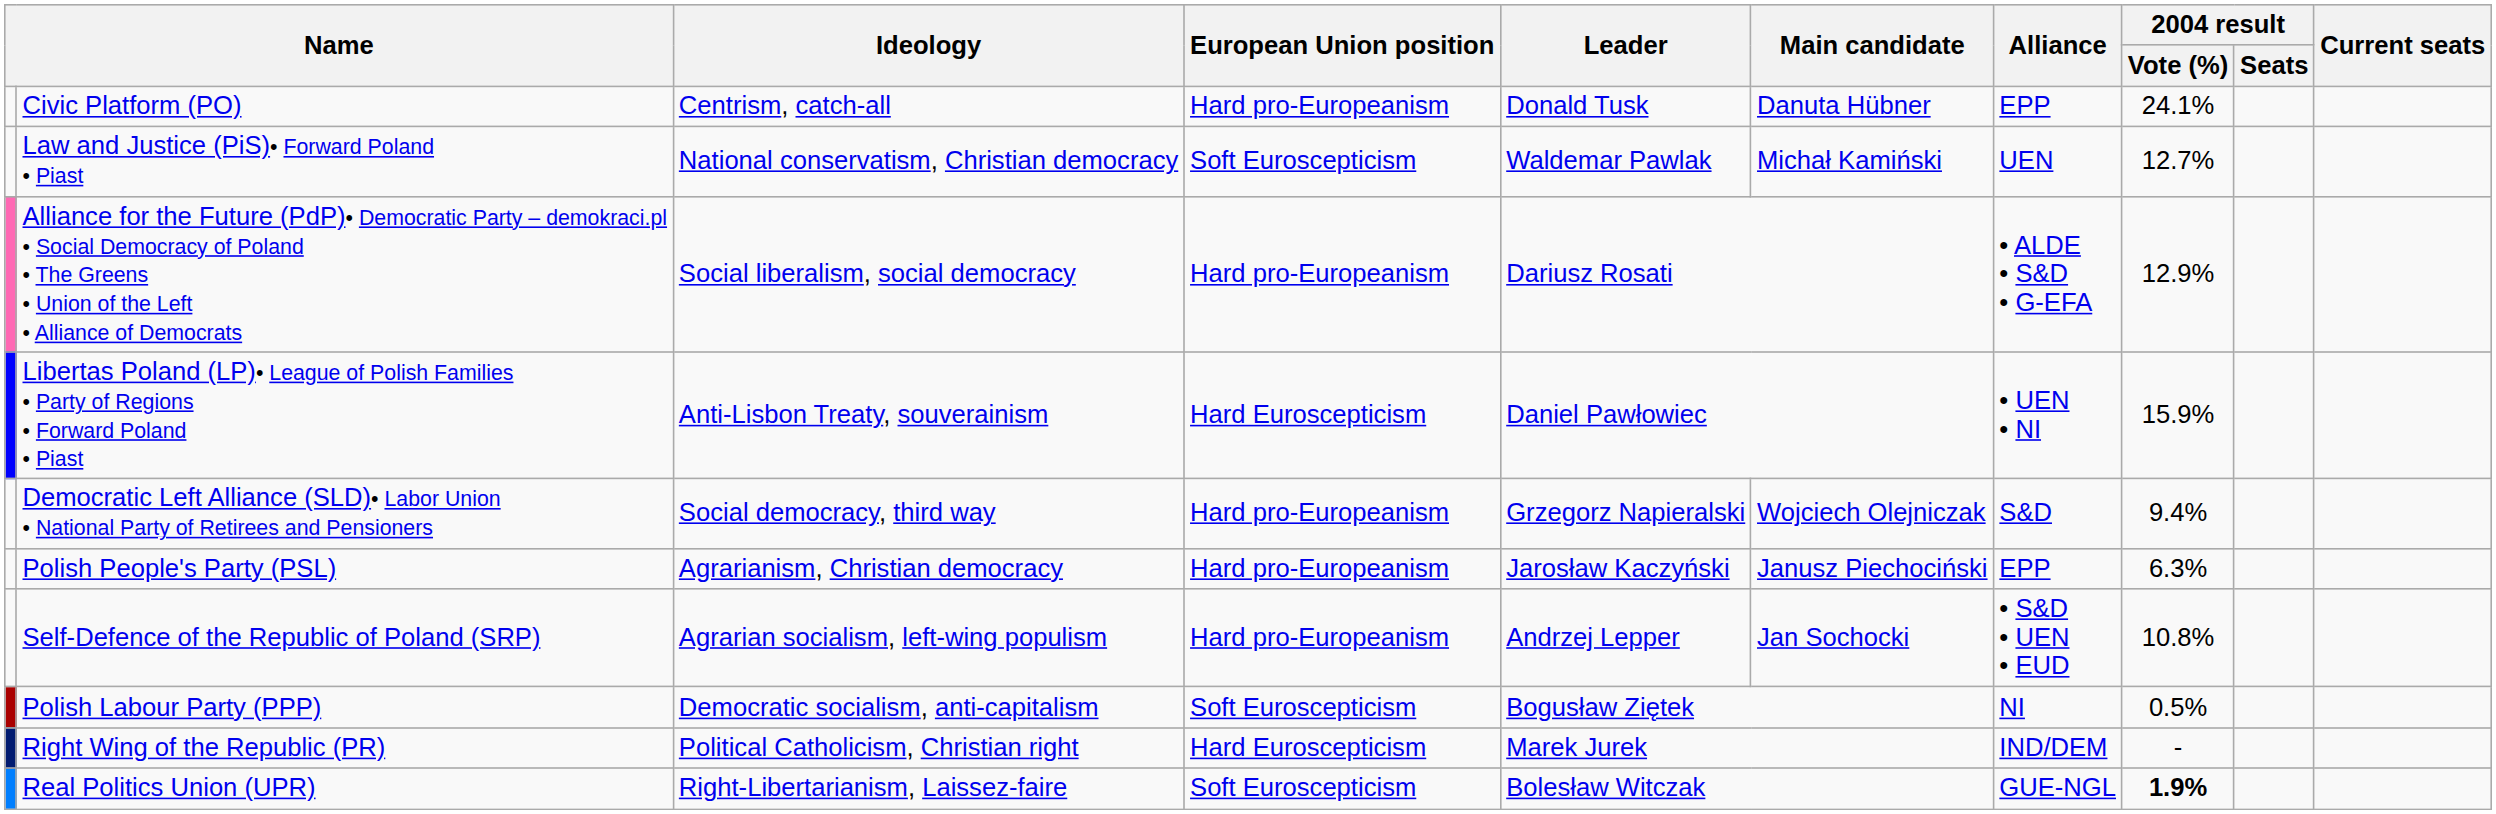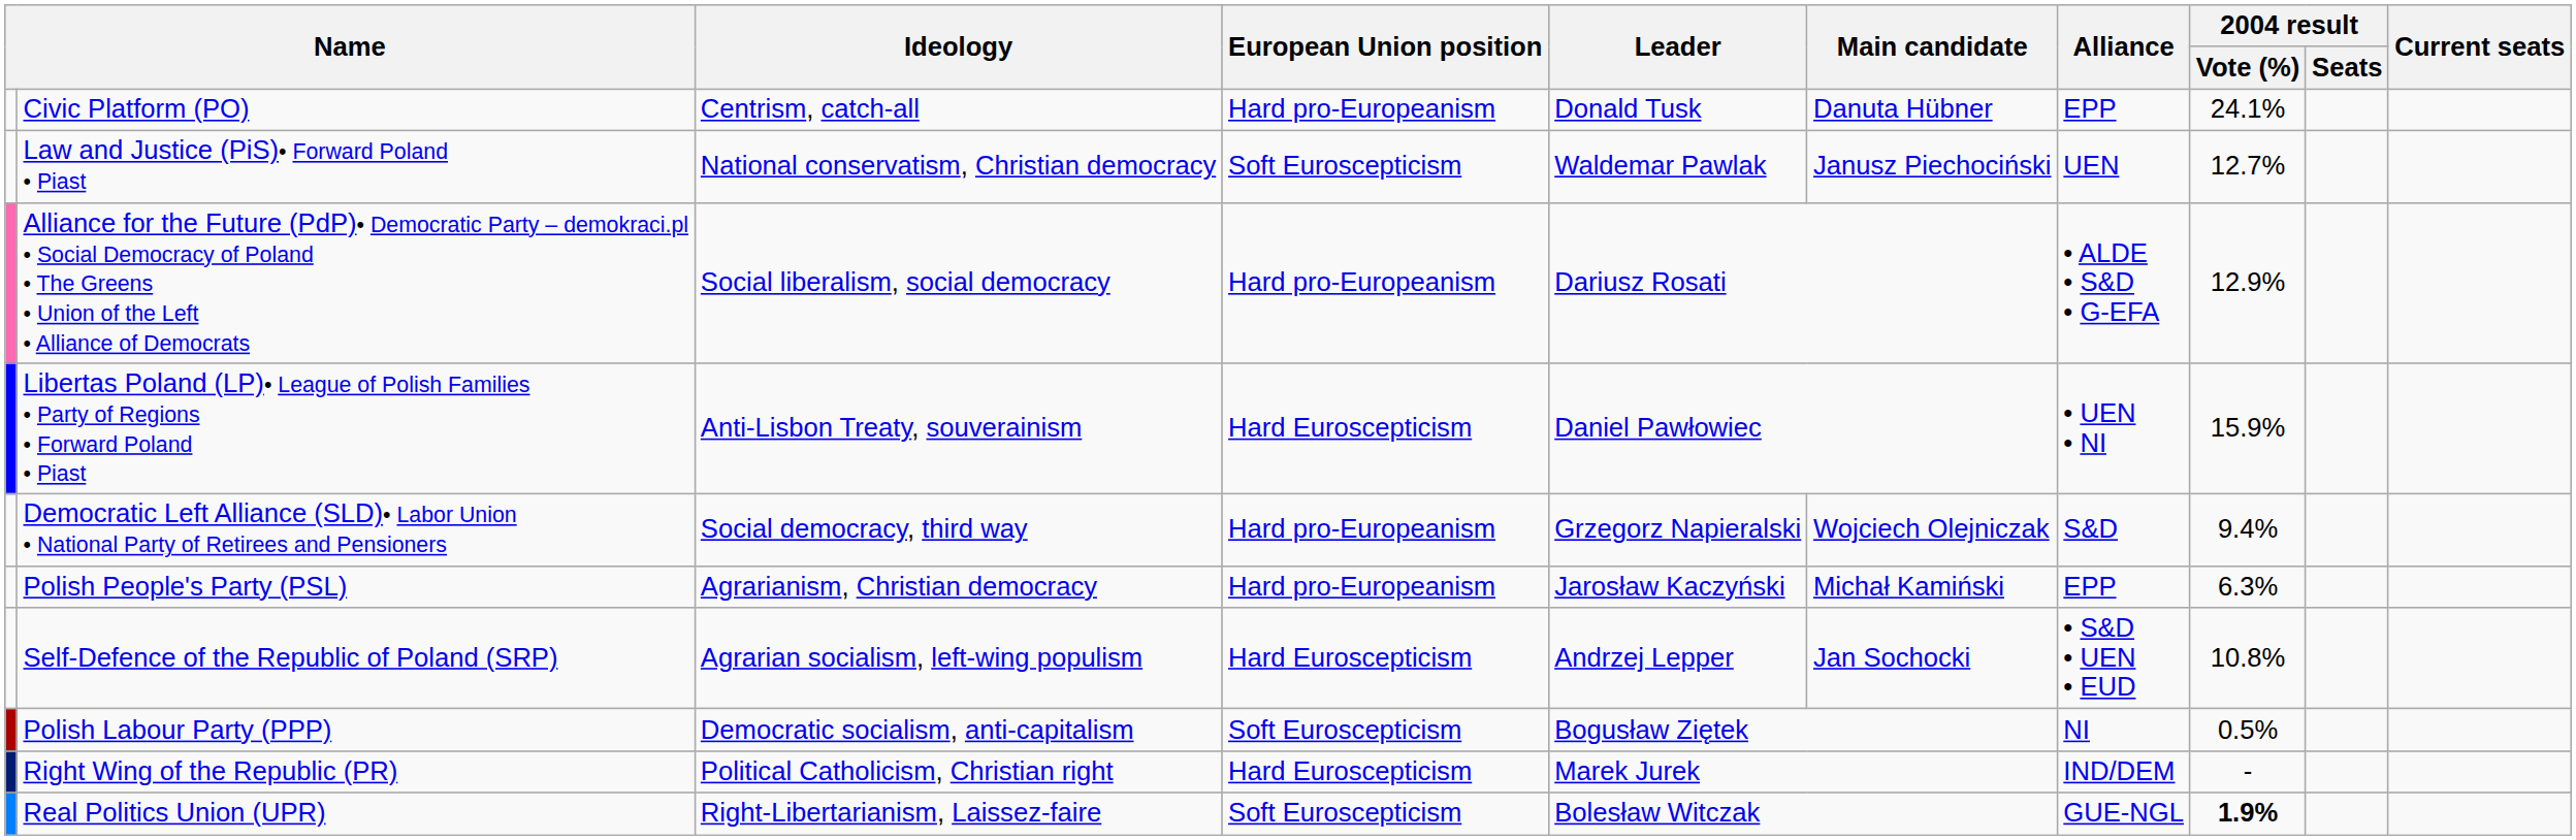 <table class="wikitable mw-collapsible">
 <tr>
 <th rowspan="2" colspan="2">Name</th>
 <th rowspan="2">Ideology</th>
 <th rowspan="2">European Union position</th>
 <th rowspan="2">Leader</th>
 <th rowspan="2">Main candidate</th>
 <th rowspan="2">Alliance</th>
 <th colspan="2">2004 result</th>
 <th rowspan="2">Current seats</th>
 </tr>
 <tr>
 <th>Vote (%)</th>
 <th>Seats</th>
 </tr>
 <tr>
 <td style="background:"></td>
 <td><a href='#'>Civic Platform (PO)</a></td>
 <td><a href='#'>Centrism</a>, <a href='#'>catch-all</a></td>
 <td><a href='#'>Hard pro-Europeanism</a></td>
 <td><a href='#'>Donald Tusk</a></td>
 <td><a href='#'>Danuta Hübner</a></td>
 <td><a href='#'>EPP</a></td>
 <td style="text-align:center;">24.1%</td>
 <td></td>
 <td></td>
 </tr>
 <tr>
 <td style="background:"></td>
 <td><a href='#'>Law and Justice (PiS)</a><small>• <a href='#'>Forward Poland</a><br>• <a href='#'>Piast</a></small></td>
 <td><a href='#'>National conservatism</a>, <a href='#'>Christian democracy</a></td>
 <td><a href='#'>Soft Euroscepticism</a></td>
 <td><a href='#'>Waldemar Pawlak</a></td>
-<td><a href='#'>Michał Kamiński</a></td>
+<td><a href='#'>Janusz Piechociński</a></td>
 <td><a href='#'>UEN</a></td>
 <td style="text-align:center;">12.7%</td>
 <td></td>
 <td></td>
 </tr>
 <tr>
 <td style="background:#FF69B4;"></td>
 <td><a href='#'>Alliance for the Future (PdP)</a><small>• <a href='#'>Democratic Party – demokraci.pl</a><br>• <a href='#'>Social Democracy of Poland</a><br>• <a href='#'>The Greens</a><br>• <a href='#'>Union of the Left</a><br>• <a href='#'>Alliance of Democrats</a></small></td>
 <td><a href='#'>Social liberalism</a>, <a href='#'>social democracy</a></td>
 <td><a href='#'>Hard pro-Europeanism</a></td>
 <td colspan=2><a href='#'>Dariusz Rosati</a></td>
 <td>• <a href='#'>ALDE</a><br>• <a href='#'>S&D</a><br>• <a href='#'>G-EFA</a></td>
 <td style="text-align:center;">12.9%</td>
 <td></td>
 <td></td>
 </tr>
 <tr>
 <td style="background:#0000FF;"></td>
 <td><a href='#'>Libertas Poland (LP)</a><small>• <a href='#'>League of Polish Families</a><br>• <a href='#'>Party of Regions</a><br>• <a href='#'>Forward Poland</a><br>• <a href='#'>Piast</a></small></td>
 <td><a href='#'>Anti-Lisbon Treaty</a>, <a href='#'>souverainism</a></td>
 <td><a href='#'>Hard Euroscepticism</a></td>
 <td colspan=2><a href='#'>Daniel Pawłowiec</a></td>
 <td>• <a href='#'>UEN</a><br>• <a href='#'>NI</a></td>
 <td style="text-align:center;">15.9%</td>
 <td></td>
 <td></td>
 </tr>
 <tr>
 <td style="background:"></td>
 <td><a href='#'>Democratic Left Alliance (SLD)</a><small>• <a href='#'>Labor Union</a><br>• <a href='#'>National Party of Retirees and Pensioners</a></small></td>
 <td><a href='#'>Social democracy</a>, <a href='#'>third way</a></td>
 <td><a href='#'>Hard pro-Europeanism</a></td>
 <td><a href='#'>Grzegorz Napieralski</a></td>
 <td><a href='#'>Wojciech Olejniczak</a></td>
 <td><a href='#'>S&D</a></td>
 <td style="text-align:center;">9.4%</td>
 <td></td>
 <td></td>
 </tr>
 <tr>
 <td style="background:"></td>
 <td><a href='#'>Polish People's Party (PSL)</a></td>
 <td><a href='#'>Agrarianism</a>, <a href='#'>Christian democracy</a></td>
 <td><a href='#'>Hard pro-Europeanism</a></td>
 <td><a href='#'>Jarosław Kaczyński</a></td>
-<td><a href='#'>Janusz Piechociński</a></td>
+<td><a href='#'>Michał Kamiński</a></td>
 <td><a href='#'>EPP</a></td>
 <td style="text-align:center;">6.3%</td>
 <td></td>
 <td></td>
 </tr>
 <tr>
 <td style="background:"></td>
 <td><a href='#'>Self-Defence of the Republic of Poland (SRP)</a></td>
 <td><a href='#'>Agrarian socialism</a>, <a href='#'>left-wing populism</a></td>
-<td><a href='#'>Hard pro-Europeanism</a></td>
+<td><a href='#'>Hard Euroscepticism</a></td>
 <td><a href='#'>Andrzej Lepper</a></td>
 <td><a href='#'>Jan Sochocki</a></td>
 <td>• <a href='#'>S&D</a><br>• <a href='#'>UEN</a> <br>• <a href='#'>EUD</a></td>
 <td style="text-align:center;">10.8%</td>
 <td></td>
 <td></td>
 </tr>
 <tr>
 <td style="background:#AA0000;"></td>
 <td><a href='#'>Polish Labour Party (PPP)</a></td>
 <td><a href='#'>Democratic socialism</a>, <a href='#'>anti-capitalism</a></td>
 <td><a href='#'>Soft Euroscepticism</a></td>
 <td colspan=2><a href='#'>Bogusław Ziętek</a></td>
 <td><a href='#'>NI</a></td>
 <td style="text-align:center;">0.5%</td>
 <td></td>
 <td></td>
 </tr>
 <tr>
 <td style="background:#021C72;"></td>
 <td><a href='#'>Right Wing of the Republic (PR)</a></td>
 <td><a href='#'>Political Catholicism</a>, <a href='#'>Christian right</a></td>
 <td><a href='#'>Hard Euroscepticism</a></td>
 <td colspan=2><a href='#'>Marek Jurek</a></td>
 <td><a href='#'>IND/DEM</a></td>
 <td style="text-align:center;">-</td>
 <td></td>
 <td></td>
 </tr>
 <tr>
 <td style="background:#007FFF;"></td>
 <td><a href='#'>Real Politics Union (UPR)</a></td>
 <td><a href='#'>Right-Libertarianism</a>, <a href='#'>Laissez-faire</a></td>
 <td><a href='#'>Soft Euroscepticism</a></td>
 <td colspan=2><a href='#'>Bolesław Witczak</a></td>
 <td><a href='#'>GUE-NGL</a></td>
 <td style="text-align:center;"><strong>1.9%</strong></td>
 <td></td>
 <td></td>
 </tr>
 <tr>
 </tr>
 </table>
